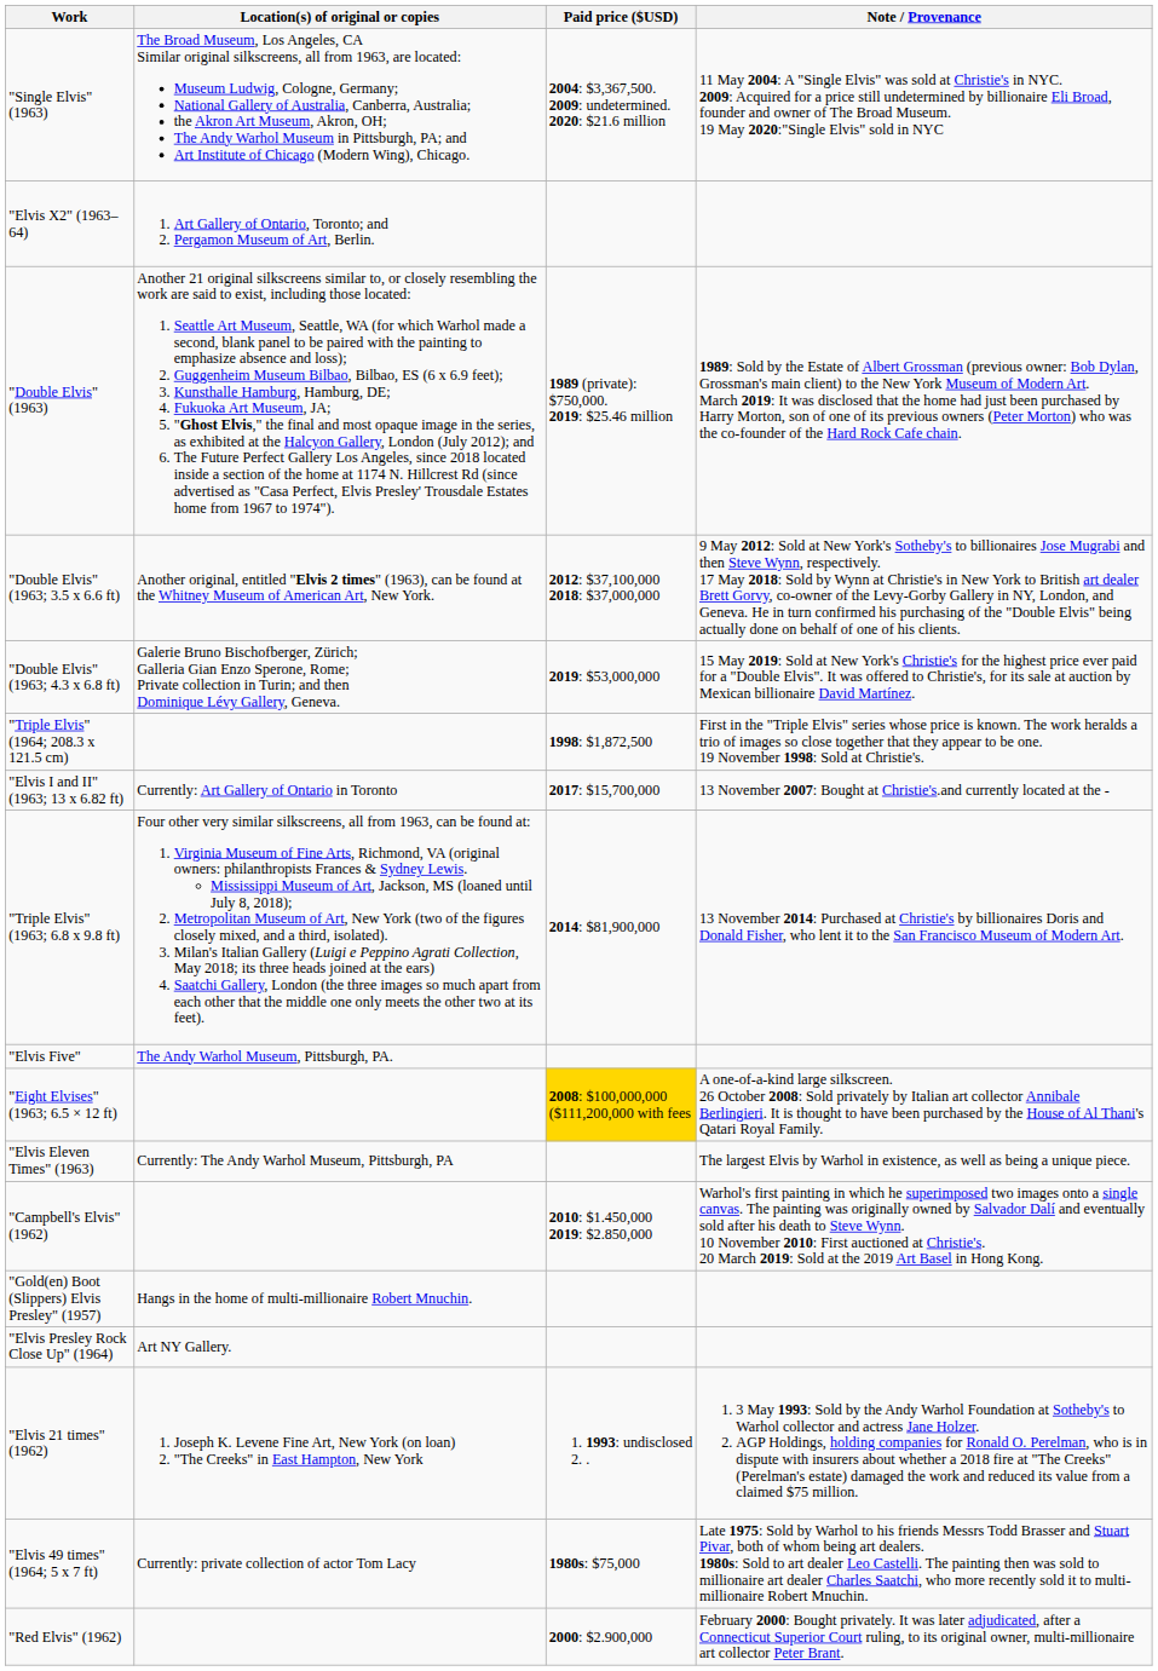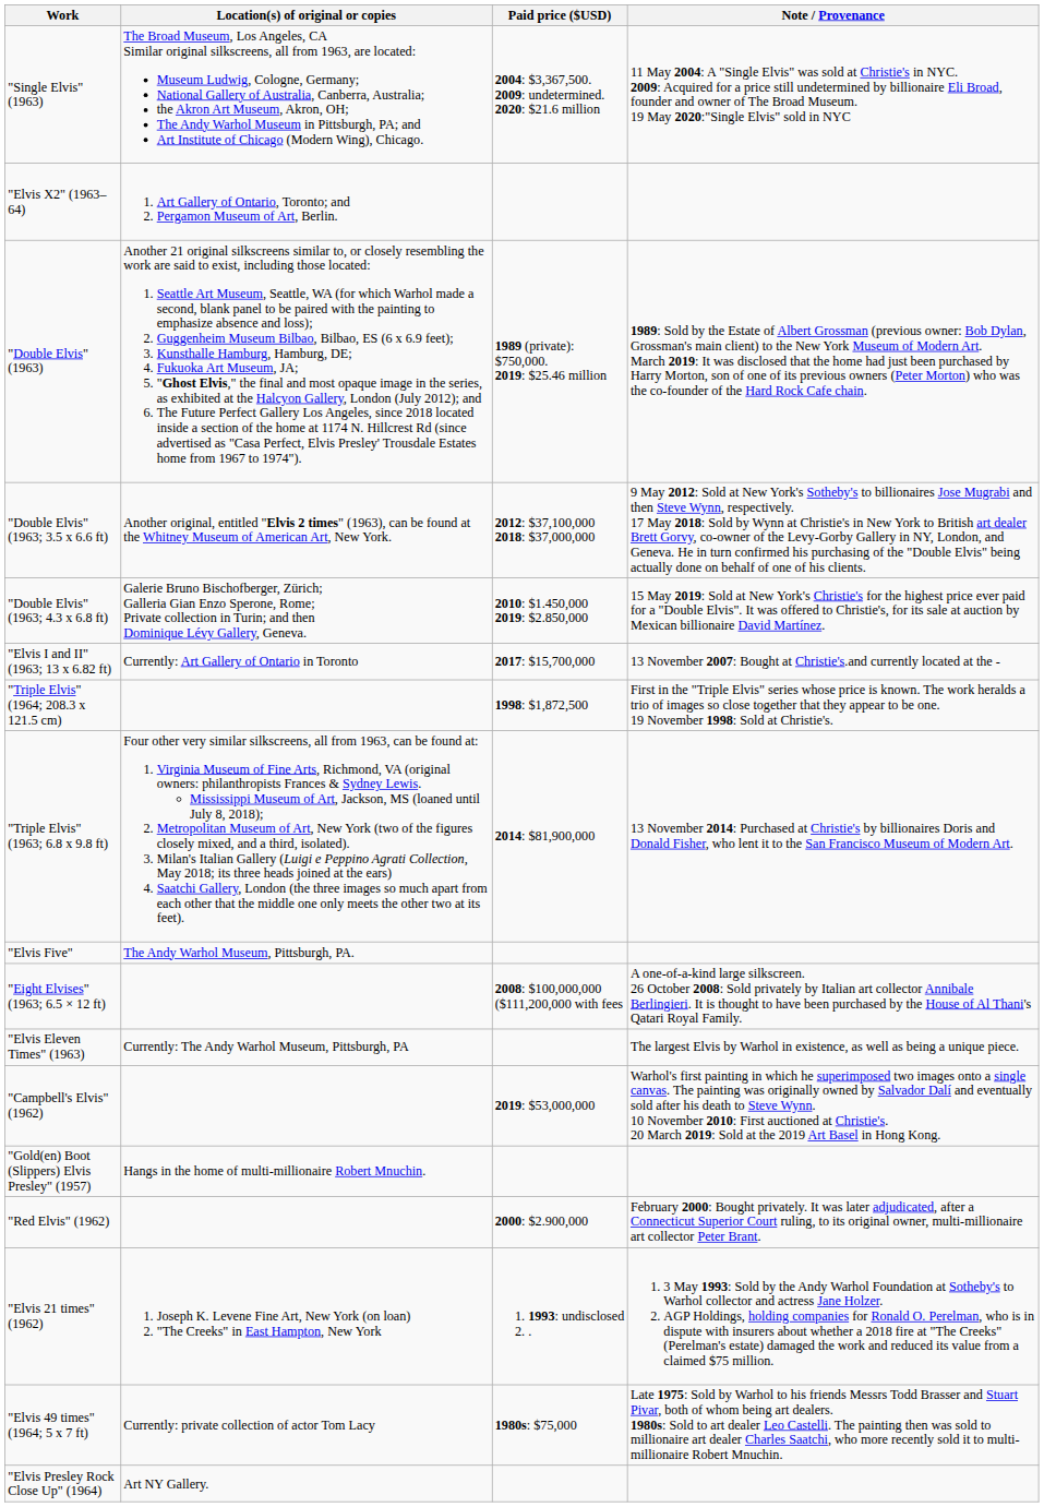 <table class="wikitable">
 <tr>
 <th>Work</th>
 <th>Location(s) of original or copies</th>
 <th>Paid price ($USD)</th>
 <th>Note / <a href='#'>Provenance</a></th>
 </tr>
 <tr>
 <td>"Single Elvis" (1963)</td>
 <td><a href='#'>The Broad Museum</a>, Los Angeles, CA<br>Similar original silkscreens, all from 1963, are located:<ul><li><a href='#'>Museum Ludwig</a>, Cologne, Germany;</li><li><a href='#'>National Gallery of Australia</a>, Canberra, Australia;</li><li>the <a href='#'>Akron Art Museum</a>, Akron, OH;</li><li><a href='#'>The Andy Warhol Museum</a> in Pittsburgh, PA; and</li><li><a href='#'>Art Institute of Chicago</a> (Modern Wing), Chicago.</li></ul></td>
 <td><strong>2004</strong>: $3,367,500.<br><strong>2009</strong>: undetermined. <strong>2020</strong>: $21.6 million</td>
 <td>11 May <strong>2004</strong>: A "Single Elvis" was sold at <a href='#'>Christie's</a> in NYC.<br><strong>2009</strong>: Acquired for a price still undetermined by billionaire <a href='#'>Eli Broad</a>, founder and owner of The Broad Museum.<br>19 May <strong>2020</strong>:"Single Elvis" sold in NYC</td>
 </tr>
 <tr>
 <td>"Elvis X2" (1963–64)</td>
 <td><br><ol><li><a href='#'>Art Gallery of Ontario</a>, Toronto; and</li><li><a href='#'>Pergamon Museum of Art</a>, Berlin.</li></ol></td>
 <td></td>
 <td></td>
 </tr>
 <tr>
 <td>"<a href='#'>Double Elvis</a>" (1963)</td>
 <td>Another 21 original silkscreens similar to, or closely resembling the work are said to exist, including those located:<br><ol><li><a href='#'>Seattle Art Museum</a>, Seattle, WA (for which Warhol made a second, blank panel to be paired with the painting to emphasize absence and loss);</li><li><a href='#'>Guggenheim Museum Bilbao</a>, Bilbao, ES (6 x 6.9 feet);</li><li><a href='#'>Kunsthalle Hamburg</a>, Hamburg, DE;</li><li><a href='#'>Fukuoka Art Museum</a>, JA;</li><li>"<strong>Ghost Elvis</strong>," the final and most opaque image in the series, as exhibited at the <a href='#'>Halcyon Gallery</a>, London (July 2012); and</li><li>The Future Perfect Gallery Los Angeles, since 2018 located inside a section of the home at 1174 N. Hillcrest Rd (since advertised as "Casa Perfect, Elvis Presley' Trousdale Estates home from 1967 to 1974").</li></ol></td>
 <td><strong>1989</strong> (private): $750,000.<br><strong>2019</strong>: $25.46 million</td>
 <td><strong>1989</strong>: Sold by the Estate of <a href='#'>Albert Grossman</a> (previous owner: <a href='#'>Bob Dylan</a>, Grossman's main client) to the New York <a href='#'>Museum of Modern Art</a>.<br>March <strong>2019</strong>: It was disclosed that the home had just been purchased by Harry Morton, son of one of its previous owners (<a href='#'>Peter Morton</a>) who was the co-founder of the <a href='#'>Hard Rock Cafe chain</a>.</td>
 </tr>
 <tr>
 <td>"Double Elvis" (1963; 3.5 x 6.6 ft)</td>
 <td>Another original, entitled "<strong>Elvis 2 times</strong>" (1963), can be found at the <a href='#'>Whitney Museum of American Art</a>, New York.</td>
 <td><strong>2012</strong>: $37,100,000<br><strong>2018</strong>: $37,000,000</td>
 <td>9 May <strong>2012</strong>: Sold at New York's <a href='#'>Sotheby's</a> to billionaires <a href='#'>Jose Mugrabi</a> and then <a href='#'>Steve Wynn</a>, respectively.<br>17 May <strong>2018</strong>: Sold by Wynn at Christie's in New York to British <a href='#'>art dealer</a> <a href='#'>Brett Gorvy</a>, co-owner of the Levy-Gorby Gallery in NY, London, and Geneva. He in turn confirmed his purchasing of the "Double Elvis" being actually done on behalf of one of his clients.</td>
 </tr>
 <tr>
 <td>"Double Elvis" (1963; 4.3 x 6.8 ft)</td>
 <td>Galerie Bruno Bischofberger, Zürich;<br>Galleria Gian Enzo Sperone, Rome;<br>Private collection in Turin; and then<br><a href='#'>Dominique Lévy Gallery</a>, Geneva.</td>
-<td><strong>2019</strong>: $53,000,000</td>
+<td><strong>2010</strong>: $1.450,000<br><strong>2019</strong>: $2.850,000</td>
 <td>15 May <strong>2019</strong>: Sold at New York's <a href='#'>Christie's</a> for the highest price ever paid for a "Double Elvis". It was offered to Christie's, for its sale at auction by Mexican billionaire <a href='#'>David Martínez</a>.</td>
+</tr>
+<tr>
+<td>"Elvis I and II" (1963; 13 x 6.82 ft)</td>
+<td>Currently: <a href='#'>Art Gallery of Ontario</a> in Toronto</td>
+<td><strong>2017</strong>: $15,700,000</td>
+<td>13 November <strong>2007</strong>: Bought at <a href='#'>Christie's</a>.and currently located at the -</td>
 </tr>
 <tr>
 <td>"<a href='#'>Triple Elvis</a>" (1964; 208.3 x 121.5 cm)</td>
 <td></td>
 <td><strong>1998</strong>: $1,872,500</td>
 <td>First in the "Triple Elvis" series whose price is known. The work heralds a trio of images so close together that they appear to be one.<br>19 November <strong>1998</strong>: Sold at Christie's.</td>
-</tr>
-<tr>
-<td>"Elvis I and II" (1963; 13 x 6.82 ft)</td>
-<td>Currently: <a href='#'>Art Gallery of Ontario</a> in Toronto</td>
-<td><strong>2017</strong>: $15,700,000</td>
-<td>13 November <strong>2007</strong>: Bought at <a href='#'>Christie's</a>.and currently located at the -</td>
 </tr>
 <tr>
 <td>"Triple Elvis" (1963; 6.8 x 9.8 ft)</td>
 <td>Four other very similar silkscreens, all from 1963, can be found at:<br><ol><li><a href='#'>Virginia Museum of Fine Arts</a>, Richmond, VA (original owners: philanthropists Frances & <a href='#'>Sydney Lewis</a>.<ul><li><a href='#'>Mississippi Museum of Art</a>, Jackson, MS (loaned until July 8, 2018);</li></ul></li><li><a href='#'>Metropolitan Museum of Art</a>, New York (two of the figures closely mixed, and a third, isolated).</li><li>Milan's Italian Gallery (<em>Luigi e Peppino Agrati Collection</em>, May 2018; its three heads joined at the ears)</li><li><a href='#'>Saatchi Gallery</a>, London (the three images so much apart from each other that the middle one only meets the other two at its feet).</li></ol></td>
 <td><strong>2014</strong>: $81,900,000</td>
 <td>13 November <strong>2014</strong>: Purchased at <a href='#'>Christie's</a> by billionaires Doris and <a href='#'>Donald Fisher</a>, who lent it to the <a href='#'>San Francisco Museum of Modern Art</a>.</td>
 </tr>
 <tr>
 <td>"Elvis Five"</td>
 <td><a href='#'>The Andy Warhol Museum</a>, Pittsburgh, PA.</td>
 <td></td>
 <td></td>
 </tr>
 <tr>
 <td>"<a href='#'>Eight Elvises</a>" (1963; 6.5 × 12 ft)</td>
 <td></td>
-<td style="background: gold;"><strong>2008</strong>: $100,000,000 ($111,200,000 with fees</td>
+<td><strong>2008</strong>: $100,000,000 ($111,200,000 with fees</td>
 <td>A one-of-a-kind large silkscreen.<br>26 October <strong>2008</strong>: Sold privately by Italian art collector <a href='#'>Annibale Berlingieri</a>. It is thought to have been purchased by the <a href='#'>House of Al Thani</a>'s Qatari Royal Family.</td>
 </tr>
 <tr>
 <td>"Elvis Eleven Times" (1963)</td>
 <td>Currently: The Andy Warhol Museum, Pittsburgh, PA</td>
 <td></td>
 <td>The largest Elvis by Warhol in existence, as well as being a unique piece.</td>
 </tr>
 <tr>
 <td>"Campbell's Elvis" (1962)</td>
 <td></td>
-<td><strong>2010</strong>: $1.450,000<br><strong>2019</strong>: $2.850,000</td>
+<td><strong>2019</strong>: $53,000,000</td>
 <td>Warhol's first painting in which he <a href='#'>superimposed</a> two images onto a <a href='#'>single canvas</a>. The painting was originally owned by <a href='#'>Salvador Dalí</a> and eventually sold after his death to <a href='#'>Steve Wynn</a>.<br>10 November <strong>2010</strong>: First auctioned at <a href='#'>Christie's</a>.<br>20 March <strong>2019</strong>: Sold at the 2019 <a href='#'>Art Basel</a> in Hong Kong.</td>
 </tr>
 <tr>
 <td>"Gold(en) Boot (Slippers) Elvis Presley" (1957)</td>
 <td>Hangs in the home of multi-millionaire <a href='#'>Robert Mnuchin</a>.</td>
 <td></td>
 <td></td>
 </tr>
 <tr>
-<td>"Elvis Presley Rock Close Up" (1964)</td>
-<td>Art NY Gallery.</td>
+<td>"Red Elvis" (1962)</td>
 <td></td>
-<td></td>
+<td><strong>2000</strong>: $2.900,000</td>
+<td>February <strong>2000</strong>: Bought privately. It was later <a href='#'>adjudicated</a>, after a <a href='#'>Connecticut Superior Court</a> ruling, to its original owner, multi-millionaire art collector <a href='#'>Peter Brant</a>.</td>
 </tr>
 <tr>
 <td>"Elvis 21 times" (1962)</td>
 <td><br><ol><li>Joseph K. Levene Fine Art, New York (on loan)</li><li>"The Creeks" in <a href='#'>East Hampton</a>, New York</li></ol></td>
 <td><br><ol><li><strong>1993</strong>: undisclosed</li><li>.</li></ol></td>
 <td><br><ol><li>3 May <strong>1993</strong>: Sold by the Andy Warhol Foundation at <a href='#'>Sotheby's</a> to Warhol collector and actress <a href='#'>Jane Holzer</a>.</li><li>AGP Holdings, <a href='#'>holding companies</a> for <a href='#'>Ronald O. Perelman</a>, who  is in dispute with insurers about whether a 2018 fire at "The Creeks" (Perelman's estate) damaged the work and reduced its value from a claimed $75 million.</li></ol></td>
 </tr>
 <tr>
 <td>"Elvis 49 times" (1964; 5 x 7 ft)</td>
 <td>Currently: private collection of actor Tom Lacy</td>
 <td><strong>1980s</strong>: $75,000</td>
 <td>Late <strong>1975</strong>: Sold by Warhol to his friends Messrs Todd Brasser and <a href='#'>Stuart Pivar</a>, both of whom being art dealers.<br><strong>1980s</strong>: Sold to art dealer <a href='#'>Leo Castelli</a>. The painting then was sold to millionaire art dealer <a href='#'>Charles Saatchi</a>, who more recently sold it to multi-millionaire Robert Mnuchin.</td>
 </tr>
 <tr>
-<td>"Red Elvis" (1962)</td>
+<td>"Elvis Presley Rock Close Up" (1964)</td>
+<td>Art NY Gallery.</td>
 <td></td>
-<td><strong>2000</strong>: $2.900,000</td>
-<td>February <strong>2000</strong>: Bought privately. It was later <a href='#'>adjudicated</a>, after a <a href='#'>Connecticut Superior Court</a> ruling, to its original owner, multi-millionaire art collector <a href='#'>Peter Brant</a>.</td>
+<td></td>
 </tr>
 </table>
